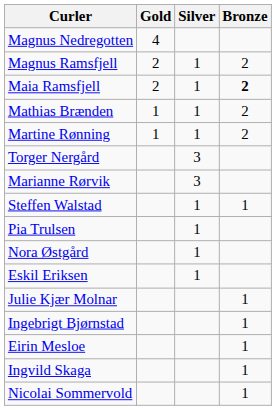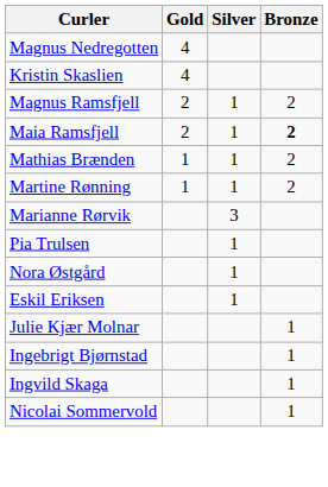 <table class="wikitable" style="text-align:center;">
 <tr>
 <th scope="col">Curler</th>
 <th scope="col">Gold</th>
 <th scope="col">Silver</th>
 <th scope="col">Bronze</th>
 </tr>
 <tr>
 <td align="left"><a href='#'>Magnus Nedregotten</a></td>
+<td>4</td>
+<td></td>
+<td></td>
+</tr>
+<tr>
+<td align="left"><a href='#'>Kristin Skaslien</a></td>
 <td>4</td>
 <td></td>
 <td></td>
 </tr>
 <tr>
 <td align="left"><a href='#'>Magnus Ramsfjell</a></td>
 <td>2</td>
 <td>1</td>
 <td>2</td>
 </tr>
 <tr>
 <td align="left"><a href='#'>Maia Ramsfjell</a></td>
 <td>2</td>
 <td>1</td>
 <td><strong>2</strong></td>
 </tr>
 <tr>
 <td align="left"><a href='#'>Mathias Brænden</a></td>
 <td>1</td>
 <td>1</td>
 <td>2</td>
 </tr>
 <tr>
 <td align="left"><a href='#'>Martine Rønning</a></td>
 <td>1</td>
 <td>1</td>
 <td>2</td>
 </tr>
 <tr>
-<td align="left"><a href='#'>Torger Nergård</a></td>
-<td></td>
-<td>3</td>
-<td></td>
-</tr>
-<tr>
 <td align="left"><a href='#'>Marianne Rørvik</a></td>
 <td></td>
 <td>3</td>
 <td></td>
-</tr>
-<tr>
-<td align="left"><a href='#'>Steffen Walstad</a></td>
-<td></td>
-<td>1</td>
-<td>1</td>
 </tr>
 <tr>
 <td align="left"><a href='#'>Pia Trulsen</a></td>
 <td></td>
 <td>1</td>
 <td></td>
 </tr>
 <tr>
 <td align="left"><a href='#'>Nora Østgård</a></td>
 <td></td>
 <td>1</td>
 <td></td>
 </tr>
 <tr>
 <td align="left"><a href='#'>Eskil Eriksen</a></td>
 <td></td>
 <td>1</td>
 <td></td>
 </tr>
 <tr>
 <td align="left"><a href='#'>Julie Kjær Molnar</a></td>
 <td></td>
 <td></td>
 <td>1</td>
 </tr>
 <tr>
 <td align="left"><a href='#'>Ingebrigt Bjørnstad</a></td>
 <td></td>
 <td></td>
 <td>1</td>
 </tr>
 <tr>
-<td align="left"><a href='#'>Eirin Mesloe</a></td>
-<td></td>
-<td></td>
-<td>1</td>
-</tr>
-<tr>
 <td align="left"><a href='#'>Ingvild Skaga</a></td>
 <td></td>
 <td></td>
 <td>1</td>
 </tr>
 <tr>
 <td align="left"><a href='#'>Nicolai Sommervold</a></td>
 <td></td>
 <td></td>
 <td>1<br></td>
 </tr>
 </table>
